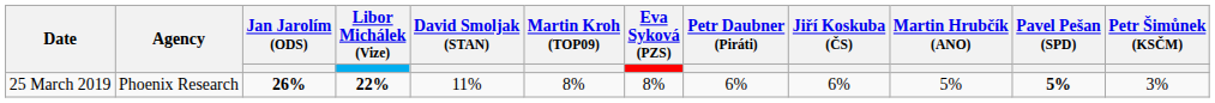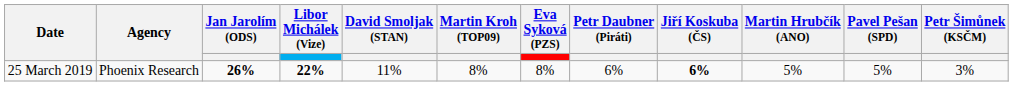 <table class="wikitable" style=text-align:center;font-size:85%;line-height:14px;">
 <tr>
 <th rowspan="2">Date</th>
 <th rowspan="2">Agency</th>
 <th><a href='#'>Jan Jarolím</a><br><small>(ODS)</small></th>
 <th><a href='#'>Libor Michálek</a><br><small>(Vize)</small></th>
 <th><a href='#'>David Smoljak</a><br><small>(STAN)</small></th>
 <th><a href='#'>Martin Kroh</a><br><small>(TOP09)</small></th>
 <th><a href='#'>Eva Syková</a><br><small>(PZS)</small></th>
 <th><a href='#'>Petr Daubner</a><br><small>(Piráti)</small></th>
 <th><a href='#'>Jiří Koskuba</a><br><small>(ČS)</small></th>
 <th><a href='#'>Martin Hrubčík</a><br><small>(ANO)</small></th>
 <th><a href='#'>Pavel Pešan</a><br><small>(SPD)</small></th>
 <th><a href='#'>Petr Šimůnek</a><br><small>(KSČM)</small></th>
 </tr>
 <tr>
 <th style="background:"></th>
 <th style="background:#00AEEF; width:40px;"></th>
 <th style="background:"></th>
 <th style="background:"></th>
 <th style="background:red; width:40px;"></th>
 <th style="background:"></th>
 <th style="background:"></th>
 <th style="background:"></th>
 <th style="background:"></th>
 <th style="background:"></th>
 </tr>
 <tr>
 <td>25 March 2019</td>
 <td>Phoenix Research</td>
 <td><strong>26%</strong></td>
 <td><strong>22%</strong></td>
 <td>11%</td>
 <td>8%</td>
 <td>8%</td>
 <td>6%</td>
-<td>6%</td>
+<td><strong>6%</strong></td>
 <td>5%</td>
-<td><strong>5%</strong></td>
+<td>5%</td>
 <td>3%</td>
 </tr>
 </table>
